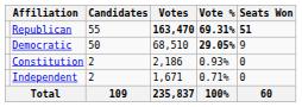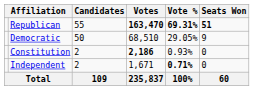 <table class="wikitable">
 <tr>
 <th colspan="2">Affiliation</th>
 <th>Candidates</th>
 <th>Votes</th>
 <th>Vote %</th>
 <th>Seats Won</th>
 </tr>
 <tr>
 <td style="background-color:"></td>
 <td><a href='#'>Republican</a></td>
 <td>55</td>
 <td><strong>163,470</strong></td>
 <td><strong>69.31%</strong></td>
 <td><strong>51</strong></td>
 </tr>
 <tr>
 <td style="background-color:"></td>
 <td><a href='#'>Democratic</a></td>
 <td>50</td>
 <td>68,510</td>
-<td><strong>29.05%</strong></td>
+<td>29.05%</td>
 <td>9</td>
 </tr>
 <tr>
 <td style="background-color:"></td>
 <td><a href='#'>Constitution</a></td>
 <td>2</td>
-<td>2,186</td>
+<td><strong>2,186</strong></td>
 <td>0.93%</td>
 <td>0</td>
 </tr>
 <tr>
 <td style="background-color:"></td>
 <td><a href='#'>Independent</a></td>
 <td>2</td>
 <td>1,671</td>
-<td>0.71%</td>
+<td><strong>0.71%</strong></td>
 <td>0</td>
 </tr>
 <tr>
 <th colspan="2">Total</th>
 <th>109</th>
 <th>235,837</th>
 <th>100%</th>
 <th>60</th>
 </tr>
 </table>
